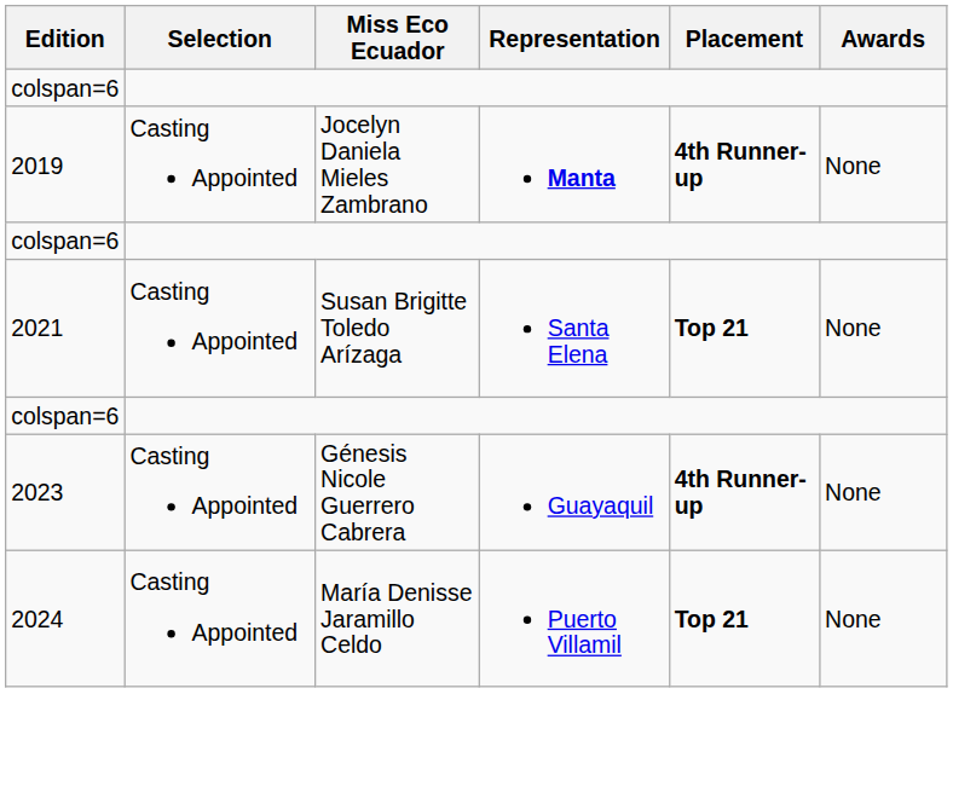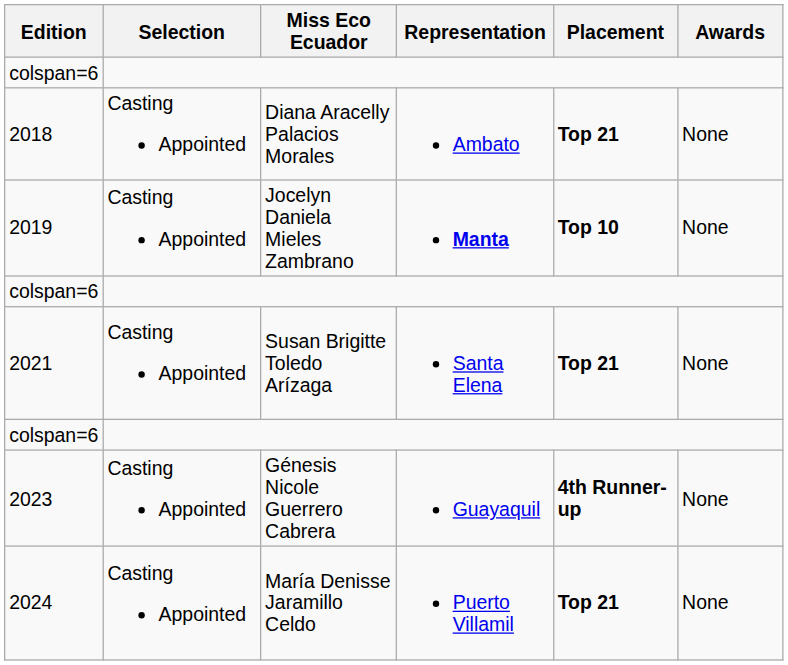 <table class="wikitable sortable" style="font-size: 95%">
 <tr>
 <th width="2">Edition</th>
 <th width="160">Selection</th>
 <th width="270">Miss Eco Ecuador</th>
 <th width="140">Representation</th>
 <th width="170">Placement</th>
 <th width="190">Awards</th>
 </tr>
 <tr>
 <td>colspan=6 </td>
 </tr>
 <tr>
+<td>2018</td>
+<td>Casting<br><ul><li>Appointed</li></ul></td>
+<td>Diana Aracelly Palacios Morales</td>
+<td><br><ul><li><a href='#'>Ambato</a></li></ul></td>
+<td><strong>Top 21</strong></td>
+<td>None</td>
+</tr>
+<tr>
 <td>2019</td>
 <td>Casting<br><ul><li>Appointed</li></ul></td>
 <td>Jocelyn Daniela Mieles Zambrano</td>
 <td><strong><br><ul><li><a href='#'>Manta</a></li></ul></strong></td>
-<td><strong>4th Runner-up</strong></td>
+<td><strong>Top 10</strong></td>
 <td>None</td>
 </tr>
 <tr>
 <td>colspan=6 </td>
 </tr>
 <tr>
 <td>2021</td>
 <td>Casting<br><ul><li>Appointed</li></ul></td>
 <td>Susan Brigitte Toledo Arízaga</td>
 <td><br><ul><li><a href='#'>Santa Elena</a></li></ul></td>
 <td><strong>Top 21</strong></td>
 <td>None</td>
 </tr>
 <tr>
 <td>colspan=6 </td>
 </tr>
 <tr>
 <td>2023</td>
 <td>Casting<br><ul><li>Appointed</li></ul></td>
 <td>Génesis Nicole Guerrero Cabrera</td>
 <td><br><ul><li><a href='#'>Guayaquil</a></li></ul></td>
 <td><strong>4th Runner-up</strong></td>
 <td>None</td>
 </tr>
 <tr>
 <td>2024</td>
 <td>Casting<br><ul><li>Appointed</li></ul></td>
 <td>María Denisse Jaramillo Celdo</td>
 <td><br><ul><li><a href='#'>Puerto Villamil</a></li></ul></td>
 <td><strong>Top 21</strong></td>
 <td>None</td>
 </tr>
 </table>
